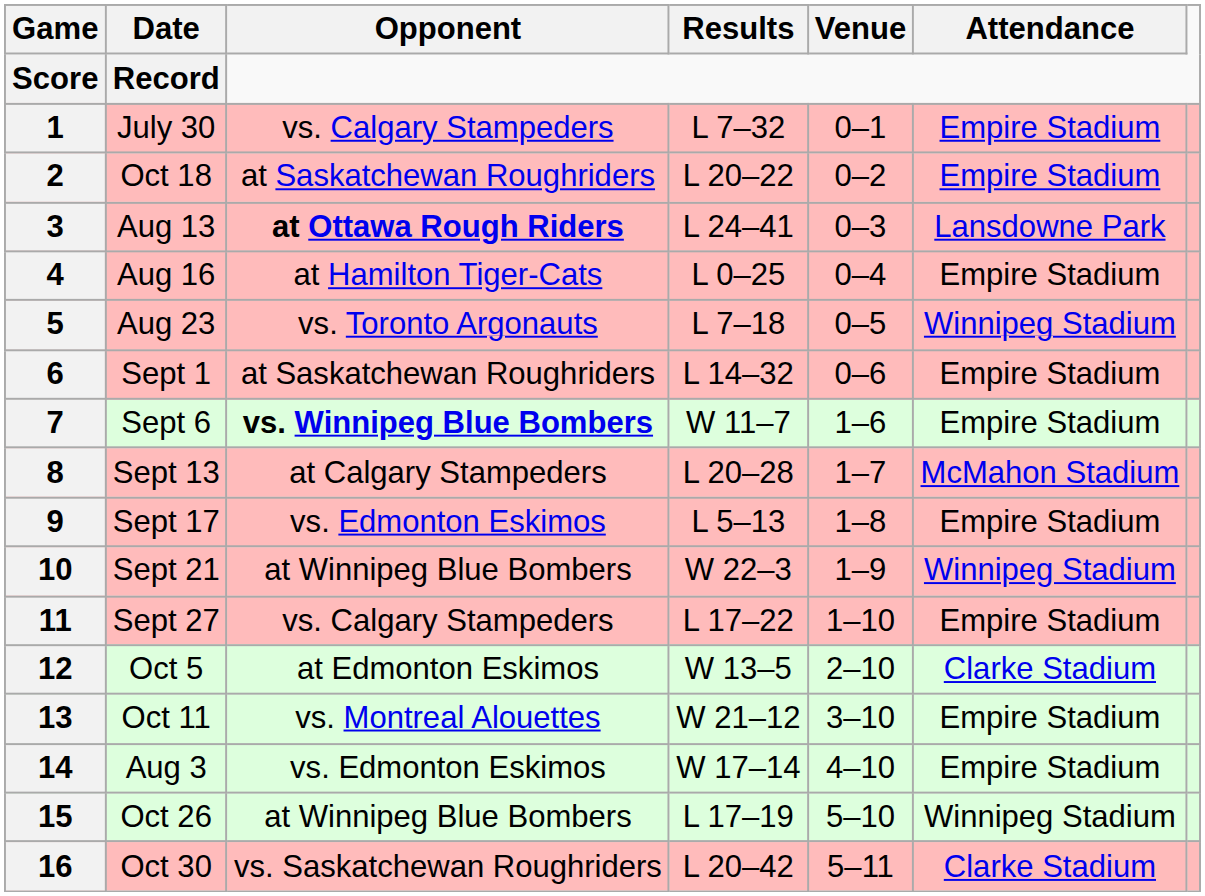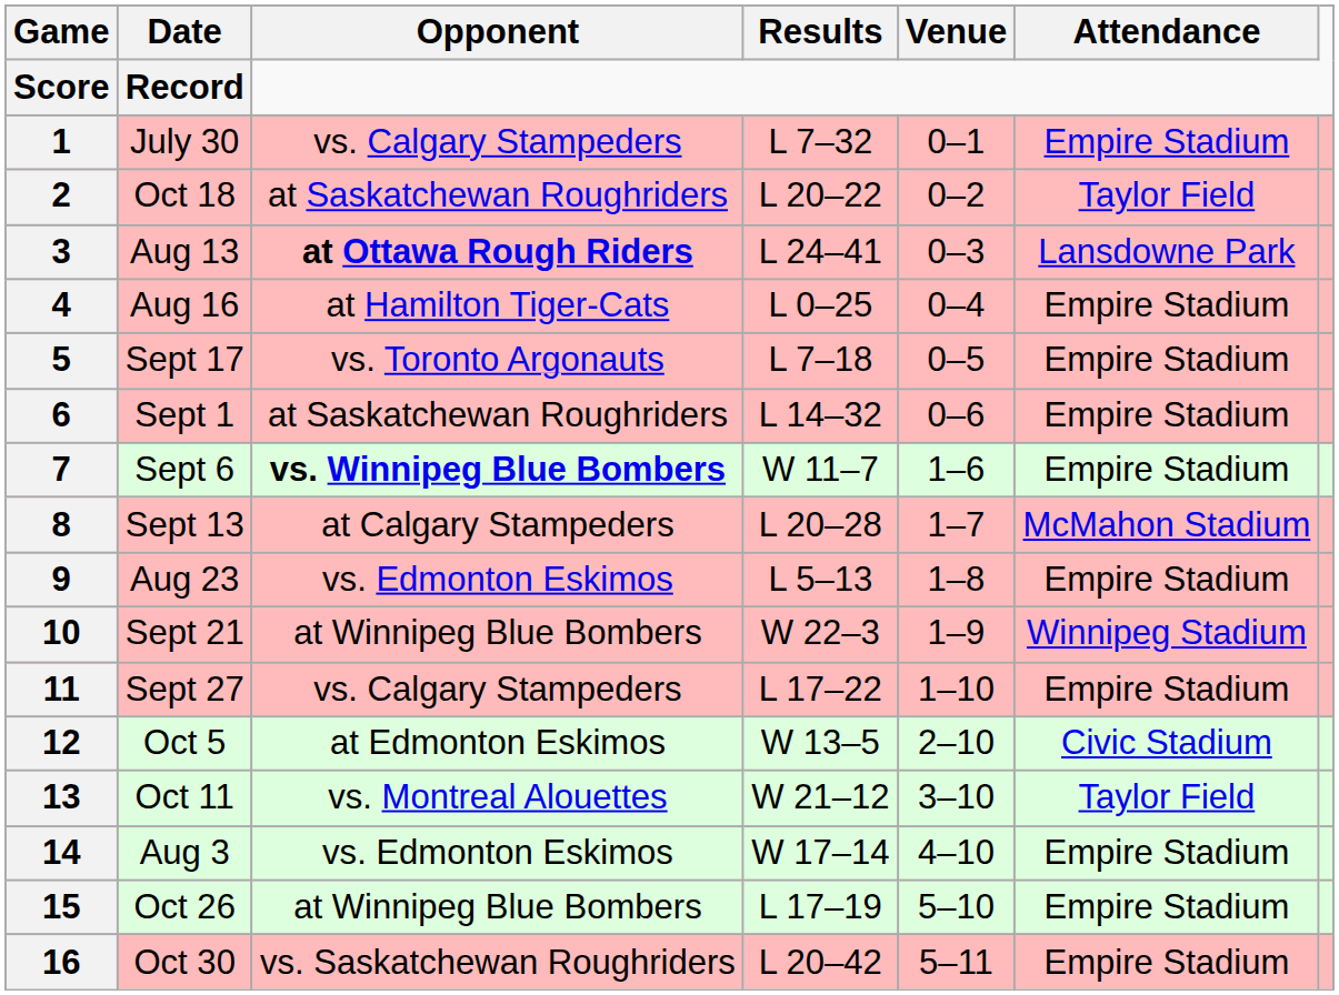 <table class="wikitable" style="text-align:center">
 <tr>
 <th>Game</th>
 <th>Date</th>
 <th>Opponent</th>
 <th>Results</th>
 <th>Venue</th>
 <th>Attendance</th>
 </tr>
 <tr>
 <th>Score</th>
 <th>Record</th>
 </tr>
 <tr style="background:#ffbbbb">
 <th>1</th>
 <td>July 30</td>
 <td>vs. <a href='#'>Calgary Stampeders</a></td>
 <td>L 7–32</td>
 <td>0–1</td>
 <td><a href='#'>Empire Stadium</a></td>
 <td></td>
 </tr>
 <tr style="background:#ffbbbb">
 <th>2</th>
 <td>Oct 18</td>
 <td>at <a href='#'>Saskatchewan Roughriders</a></td>
 <td>L 20–22</td>
 <td>0–2</td>
-<td><a href='#'>Empire Stadium</a></td>
+<td><a href='#'>Taylor Field</a></td>
 <td></td>
 </tr>
 <tr style="background:#ffbbbb">
 <th>3</th>
 <td>Aug 13</td>
 <td><strong>at <a href='#'>Ottawa Rough Riders</a></strong></td>
 <td>L 24–41</td>
 <td>0–3</td>
 <td><a href='#'>Lansdowne Park</a></td>
 <td></td>
 </tr>
 <tr style="background:#ffbbbb">
 <th>4</th>
 <td>Aug 16</td>
 <td>at <a href='#'>Hamilton Tiger-Cats</a></td>
 <td>L 0–25</td>
 <td>0–4</td>
 <td>Empire Stadium</td>
 <td></td>
 </tr>
 <tr style="background:#ffbbbb">
 <th>5</th>
-<td>Aug 23</td>
+<td>Sept 17</td>
 <td>vs. <a href='#'>Toronto Argonauts</a></td>
 <td>L 7–18</td>
 <td>0–5</td>
-<td><a href='#'>Winnipeg Stadium</a></td>
+<td>Empire Stadium</td>
 <td></td>
 </tr>
 <tr style="background:#ffbbbb">
 <th>6</th>
 <td>Sept 1</td>
 <td>at Saskatchewan Roughriders</td>
 <td>L 14–32</td>
 <td>0–6</td>
 <td>Empire Stadium</td>
 <td></td>
 </tr>
 <tr style="background:#ddffdd">
 <th>7</th>
 <td>Sept 6</td>
 <td><strong>vs. <a href='#'>Winnipeg Blue Bombers</a></strong></td>
 <td>W 11–7</td>
 <td>1–6</td>
 <td>Empire Stadium</td>
 <td></td>
 </tr>
 <tr style="background:#ffbbbb">
 <th>8</th>
 <td>Sept 13</td>
 <td>at Calgary Stampeders</td>
 <td>L 20–28</td>
 <td>1–7</td>
 <td><a href='#'>McMahon Stadium</a></td>
 <td></td>
 </tr>
 <tr style="background:#ffbbbb">
 <th>9</th>
-<td>Sept 17</td>
+<td>Aug 23</td>
 <td>vs. <a href='#'>Edmonton Eskimos</a></td>
 <td>L 5–13</td>
 <td>1–8</td>
 <td>Empire Stadium</td>
 <td></td>
 </tr>
 <tr style="background:#ffbbbb">
 <th>10</th>
 <td>Sept 21</td>
 <td>at Winnipeg Blue Bombers</td>
 <td>W 22–3</td>
 <td>1–9</td>
 <td><a href='#'>Winnipeg Stadium</a></td>
 <td></td>
 </tr>
 <tr style="background:#ffbbbb">
 <th>11</th>
 <td>Sept 27</td>
 <td>vs. Calgary Stampeders</td>
 <td>L 17–22</td>
 <td>1–10</td>
 <td>Empire Stadium</td>
 <td></td>
 </tr>
 <tr style="background:#ddffdd">
 <th>12</th>
 <td>Oct 5</td>
 <td>at Edmonton Eskimos</td>
 <td>W 13–5</td>
 <td>2–10</td>
-<td><a href='#'>Clarke Stadium</a></td>
+<td><a href='#'>Civic Stadium</a></td>
 <td></td>
 </tr>
 <tr style="background:#ddffdd">
 <th>13</th>
 <td>Oct 11</td>
 <td>vs. <a href='#'>Montreal Alouettes</a></td>
 <td>W 21–12</td>
 <td>3–10</td>
-<td>Empire Stadium</td>
+<td><a href='#'>Taylor Field</a></td>
 <td></td>
 </tr>
 <tr style="background:#ddffdd">
 <th>14</th>
 <td>Aug 3</td>
 <td>vs. Edmonton Eskimos</td>
 <td>W 17–14</td>
 <td>4–10</td>
 <td>Empire Stadium</td>
 <td></td>
 </tr>
 <tr style="background:#ddffdd">
 <th>15</th>
 <td>Oct 26</td>
 <td>at Winnipeg Blue Bombers</td>
 <td>L 17–19</td>
 <td>5–10</td>
-<td>Winnipeg Stadium</td>
+<td>Empire Stadium</td>
 <td></td>
 </tr>
 <tr style="background:#ffbbbb">
 <th>16</th>
 <td>Oct 30</td>
 <td>vs. Saskatchewan Roughriders</td>
 <td>L 20–42</td>
 <td>5–11</td>
-<td><a href='#'>Clarke Stadium</a></td>
+<td>Empire Stadium</td>
 <td></td>
 </tr>
 </table>
